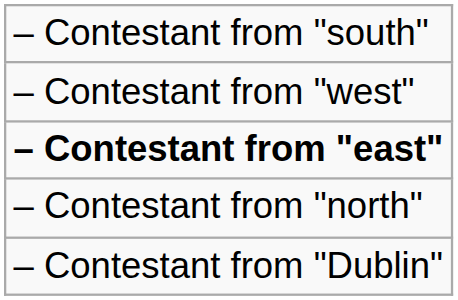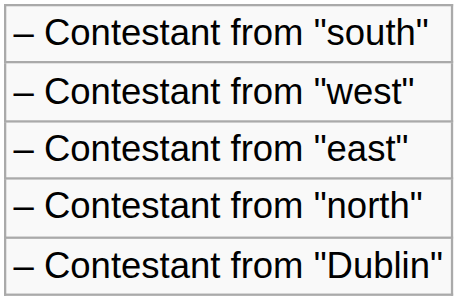 <table class="wikitable">
 <tr>
 <td> – Contestant from "south"</td>
 </tr>
 <tr>
 <td> – Contestant from "west"</td>
 </tr>
 <tr>
-<td><strong> – Contestant from "east"</strong></td>
+<td> – Contestant from "east"</td>
 </tr>
 <tr>
 <td> – Contestant from "north"</td>
 </tr>
 <tr>
 <td> – Contestant from "Dublin"</td>
 </tr>
 </table>
